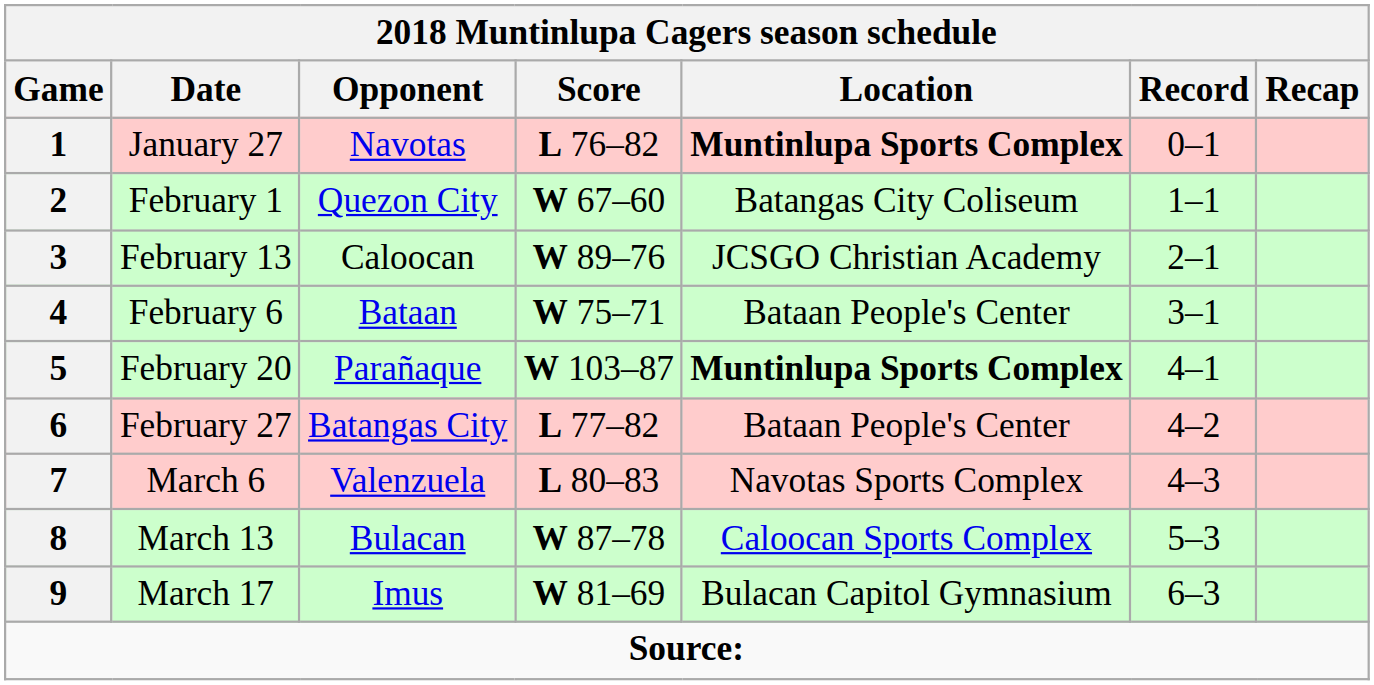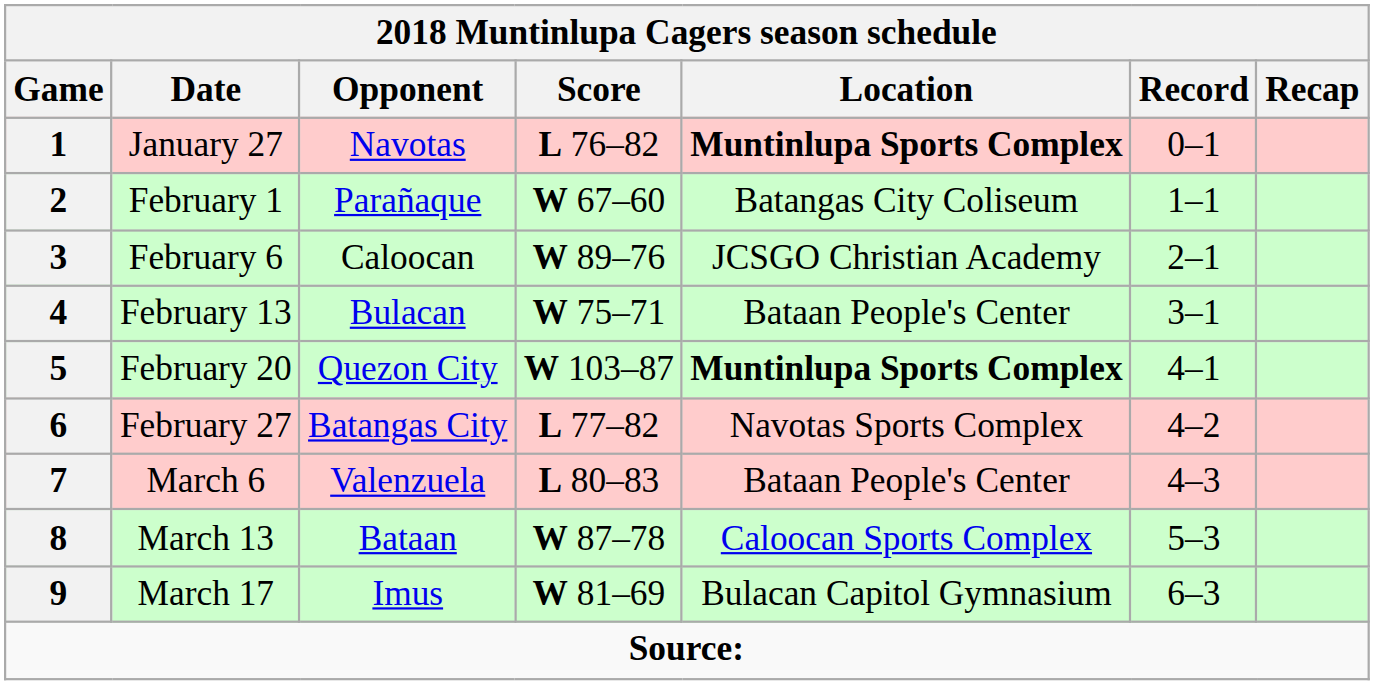 <table class="wikitable" style="text-align:center">
 <tr>
 <th colspan=7>2018 Muntinlupa Cagers season schedule</th>
 </tr>
 <tr>
 <th>Game</th>
 <th>Date</th>
 <th>Opponent</th>
 <th>Score</th>
 <th>Location</th>
 <th>Record</th>
 <th>Recap</th>
 </tr>
 <tr style="background:#fcc">
 <th>1</th>
 <td>January 27</td>
 <td><a href='#'>Navotas</a></td>
 <td><strong>L</strong> 76–82</td>
 <td><strong>Muntinlupa Sports Complex</strong></td>
 <td>0–1</td>
 <td></td>
 </tr>
 <tr style="background:#cfc">
 <th>2</th>
 <td>February 1</td>
-<td><a href='#'>Quezon City</a></td>
+<td><a href='#'>Parañaque</a></td>
 <td><strong>W</strong> 67–60</td>
 <td>Batangas City Coliseum</td>
 <td>1–1</td>
 <td></td>
 </tr>
 <tr style="background:#cfc">
 <th>3</th>
-<td>February 13</td>
+<td>February 6</td>
 <td>Caloocan</td>
 <td><strong>W</strong> 89–76</td>
 <td>JCSGO Christian Academy</td>
 <td>2–1</td>
 <td></td>
 </tr>
 <tr style="background:#cfc">
 <th>4</th>
-<td>February 6</td>
-<td><a href='#'>Bataan</a></td>
+<td>February 13</td>
+<td><a href='#'>Bulacan</a></td>
 <td><strong>W</strong> 75–71</td>
 <td>Bataan People's Center</td>
 <td>3–1</td>
 <td></td>
 </tr>
 <tr style="background:#cfc">
 <th>5</th>
 <td>February 20</td>
-<td><a href='#'>Parañaque</a></td>
+<td><a href='#'>Quezon City</a></td>
 <td><strong>W</strong> 103–87</td>
 <td><strong>Muntinlupa Sports Complex</strong></td>
 <td>4–1</td>
 <td></td>
 </tr>
 <tr style="background:#fcc">
 <th>6</th>
 <td>February 27</td>
 <td><a href='#'>Batangas City</a></td>
 <td><strong>L</strong> 77–82</td>
-<td>Bataan People's Center</td>
+<td>Navotas Sports Complex</td>
 <td>4–2</td>
 <td></td>
 </tr>
 <tr style="background:#fcc">
 <th>7</th>
 <td>March 6</td>
 <td><a href='#'>Valenzuela</a></td>
 <td><strong>L</strong> 80–83</td>
-<td>Navotas Sports Complex</td>
+<td>Bataan People's Center</td>
 <td>4–3</td>
 <td></td>
 </tr>
 <tr style="background:#cfc">
 <th>8</th>
 <td>March 13</td>
-<td><a href='#'>Bulacan</a></td>
+<td><a href='#'>Bataan</a></td>
 <td><strong>W</strong> 87–78</td>
 <td><a href='#'>Caloocan Sports Complex</a></td>
 <td>5–3</td>
 <td></td>
 </tr>
 <tr style="background:#cfc">
 <th>9</th>
 <td>March 17</td>
 <td><a href='#'>Imus</a></td>
 <td><strong>W</strong> 81–69</td>
 <td>Bulacan Capitol Gymnasium</td>
 <td>6–3</td>
 <td></td>
 </tr>
 <tr>
 <td colspan=7 align=center><strong>Source: </strong></td>
 </tr>
 </table>
